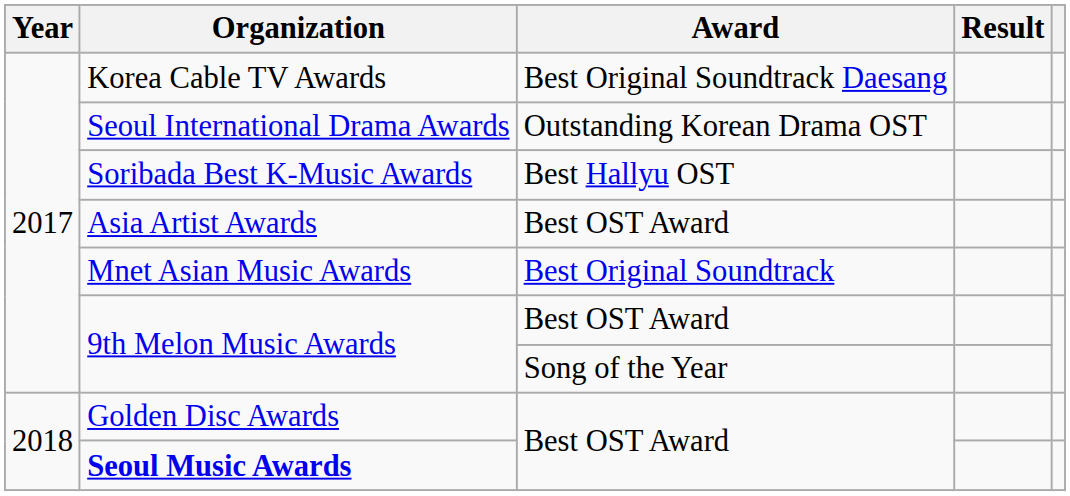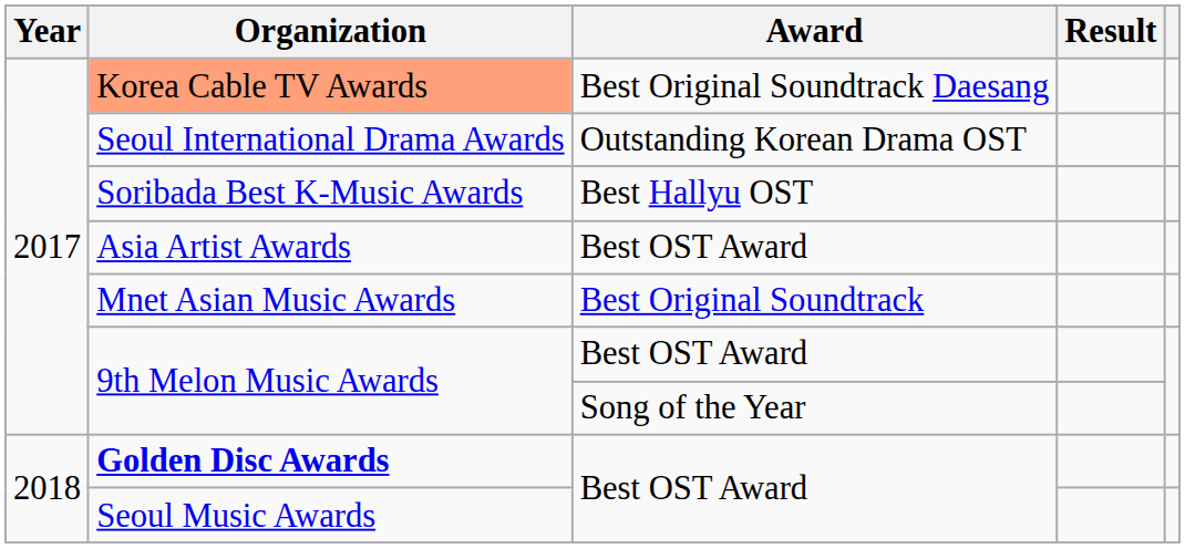 <table class="sortable wikitable">
 <tr>
 <th scope="col">Year</th>
 <th scope="col">Organization</th>
 <th scope="col">Award</th>
 <th scope="col">Result</th>
 <th class="unsortable"></th>
 </tr>
 <tr>
 <td rowspan=7>2017</td>
-<td>Korea Cable TV Awards</td>
+<td style="background: lightsalmon;">Korea Cable TV Awards</td>
 <td>Best Original Soundtrack <a href='#'>Daesang</a></td>
 <td></td>
 <td align="center"></td>
 </tr>
 <tr>
 <td><a href='#'>Seoul International Drama Awards</a></td>
 <td>Outstanding Korean Drama OST</td>
 <td></td>
 <td align="center"></td>
 </tr>
 <tr>
 <td><a href='#'>Soribada Best K-Music Awards</a></td>
 <td>Best <a href='#'>Hallyu</a> OST</td>
 <td></td>
 <td align="center"></td>
 </tr>
 <tr>
 <td><a href='#'>Asia Artist Awards</a></td>
 <td>Best OST Award</td>
 <td></td>
 <td align="center"></td>
 </tr>
 <tr>
 <td><a href='#'>Mnet Asian Music Awards</a></td>
 <td><a href='#'>Best Original Soundtrack</a></td>
 <td></td>
 <td align="center"></td>
 </tr>
 <tr>
 <td rowspan=2><a href='#'>9th Melon Music Awards</a></td>
 <td>Best OST Award</td>
 <td></td>
 <td align="center" rowspan=2></td>
 </tr>
 <tr>
 <td>Song of the Year</td>
 <td></td>
 </tr>
 <tr>
 <td rowspan=2>2018</td>
-<td><a href='#'>Golden Disc Awards</a></td>
+<td><strong><a href='#'>Golden Disc Awards</a></strong></td>
 <td rowspan="2">Best OST Award</td>
 <td></td>
 <td align="center"></td>
 </tr>
 <tr>
-<td><strong><a href='#'>Seoul Music Awards</a></strong></td>
+<td><a href='#'>Seoul Music Awards</a></td>
 <td></td>
 <td align="center"></td>
 </tr>
 </table>
